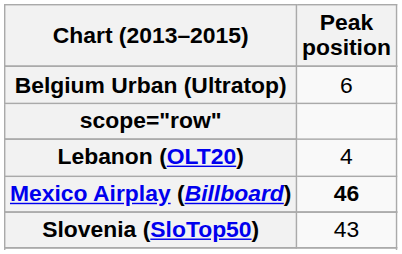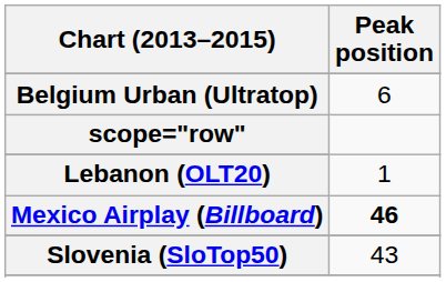 <table class="wikitable sortable plainrowheaders" style="text-align:center">
 <tr>
 <th scope="col">Chart (2013–2015)</th>
 <th scope="col">Peak<br> position</th>
 </tr>
 <tr>
 </tr>
 <tr>
 </tr>
 <tr>
 </tr>
 <tr>
 </tr>
 <tr>
 <th scope="row">Belgium Urban (Ultratop)</th>
 <td style="text-align:center;">6</td>
 </tr>
 <tr>
 <th>scope="row"</th>
 </tr>
 <tr>
 </tr>
 <tr>
 </tr>
 <tr>
 </tr>
 <tr>
 </tr>
 <tr>
 </tr>
 <tr>
 </tr>
 <tr>
 </tr>
 <tr>
 <th scope="row">Lebanon (<a href='#'>OLT20</a>)</th>
-<td style="text-align:center;">4</td>
+<td style="text-align:center;">1</td>
 </tr>
 <tr>
 <th scope="row"><a href='#'>Mexico Airplay</a> (<em><a href='#'>Billboard</a></em>)</th>
 <td><strong>46</strong></td>
 </tr>
 <tr>
 </tr>
 <tr>
 </tr>
 <tr>
 </tr>
 <tr>
 </tr>
 <tr>
 </tr>
 <tr>
 <th scope="row">Slovenia (<a href='#'>SloTop50</a>)</th>
 <td style="text-align:center;">43</td>
 </tr>
 <tr>
 </tr>
 <tr>
 </tr>
 <tr>
 </tr>
 <tr>
 </tr>
 <tr>
 </tr>
 <tr>
 </tr>
 <tr>
 </tr>
 <tr>
 </tr>
 <tr>
 </tr>
 <tr>
 </tr>
 <tr>
 </tr>
 </table>
